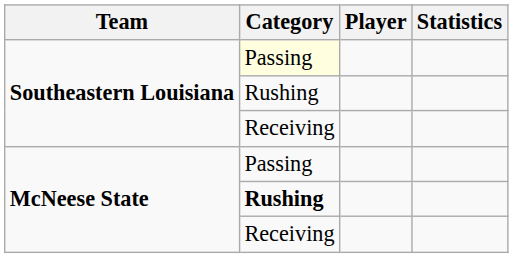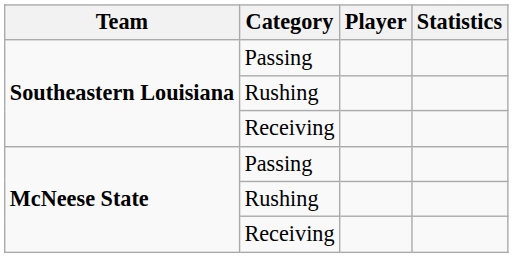 <table class="wikitable" style="float: left;">
 <tr>
 <th>Team</th>
 <th>Category</th>
 <th>Player</th>
 <th>Statistics</th>
 </tr>
 <tr>
 <td rowspan=3><strong>Southeastern Louisiana</strong></td>
-<td style="background: lightyellow;">Passing</td>
+<td>Passing</td>
 <td> </td>
 <td> </td>
 </tr>
 <tr>
 <td>Rushing</td>
 <td> </td>
 <td> </td>
 </tr>
 <tr>
 <td>Receiving</td>
 <td> </td>
 <td> </td>
 </tr>
 <tr>
 <td rowspan=3><strong>McNeese State</strong></td>
 <td>Passing</td>
 <td> </td>
 <td> </td>
 </tr>
 <tr>
-<td><strong>Rushing</strong></td>
+<td>Rushing</td>
 <td> </td>
 <td> </td>
 </tr>
 <tr>
 <td>Receiving</td>
 <td> </td>
 <td> </td>
 </tr>
 </table>
